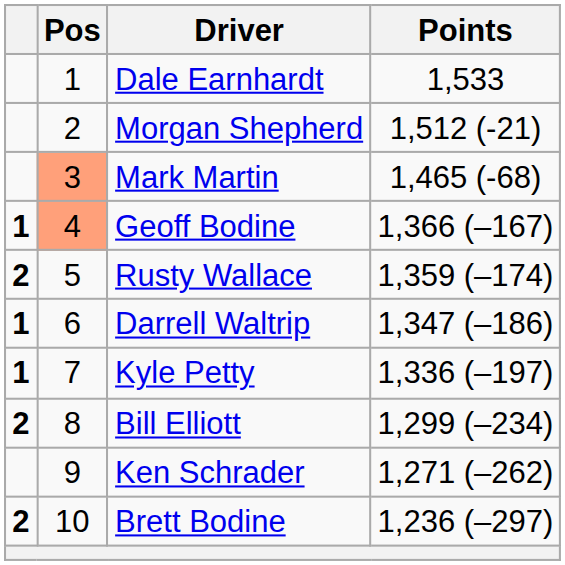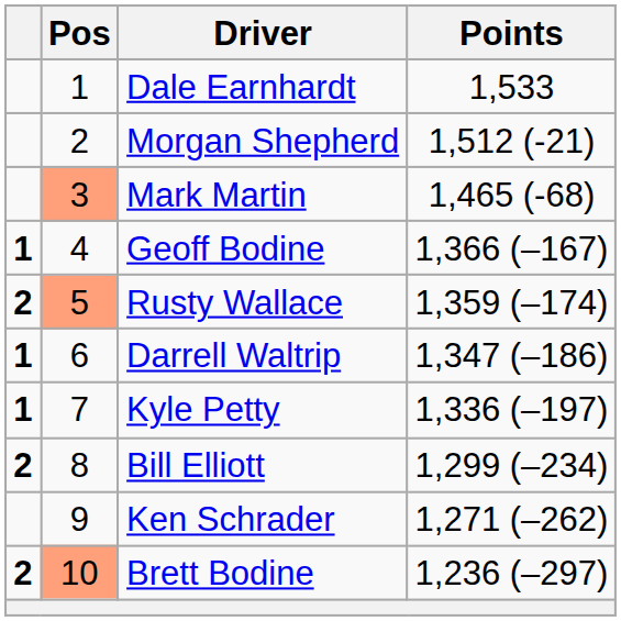 <table class="wikitable" style="font-size: 95%;">
 <tr>
 <th></th>
 <th>Pos</th>
 <th>Driver</th>
 <th>Points</th>
 </tr>
 <tr>
 <td align="left"></td>
 <td style="text-align:center;">1</td>
 <td><a href='#'>Dale Earnhardt</a></td>
 <td style="text-align:center;">1,533</td>
 </tr>
 <tr>
 <td align="left"></td>
 <td style="text-align:center;">2</td>
 <td><a href='#'>Morgan Shepherd</a></td>
 <td style="text-align:center;">1,512 (-21)</td>
 </tr>
 <tr>
 <td align="left"></td>
 <td style="background: lightsalmon; text-align:center;">3</td>
 <td><a href='#'>Mark Martin</a></td>
 <td style="text-align:center;">1,465 (-68)</td>
 </tr>
 <tr>
 <td align="left">  <strong>1</strong></td>
-<td style="background: lightsalmon; text-align:center;">4</td>
+<td style="text-align:center;">4</td>
 <td><a href='#'>Geoff Bodine</a></td>
 <td style="text-align:center;">1,366 (–167)</td>
 </tr>
 <tr>
 <td align="left">  <strong>2</strong></td>
-<td style="text-align:center;">5</td>
+<td style="background: lightsalmon; text-align:center;">5</td>
 <td><a href='#'>Rusty Wallace</a></td>
 <td style="text-align:center;">1,359 (–174)</td>
 </tr>
 <tr>
 <td align="left">  <strong>1</strong></td>
 <td style="text-align:center;">6</td>
 <td><a href='#'>Darrell Waltrip</a></td>
 <td style="text-align:center;">1,347 (–186)</td>
 </tr>
 <tr>
 <td align="left">  <strong>1</strong></td>
 <td style="text-align:center;">7</td>
 <td><a href='#'>Kyle Petty</a></td>
 <td style="text-align:center;">1,336 (–197)</td>
 </tr>
 <tr>
 <td align="left">  <strong>2</strong></td>
 <td style="text-align:center;">8</td>
 <td><a href='#'>Bill Elliott</a></td>
 <td style="text-align:center;">1,299 (–234)</td>
 </tr>
 <tr>
 <td align="left"></td>
 <td style="text-align:center;">9</td>
 <td><a href='#'>Ken Schrader</a></td>
 <td style="text-align:center;">1,271 (–262)</td>
 </tr>
 <tr>
 <td align="left">  <strong>2</strong></td>
-<td style="text-align:center;">10</td>
+<td style="background: lightsalmon; text-align:center;">10</td>
 <td><a href='#'>Brett Bodine</a></td>
 <td style="text-align:center;">1,236 (–297)</td>
 </tr>
 <tr class="sortbottom">
 <th colspan="9"></th>
 </tr>
 </table>
